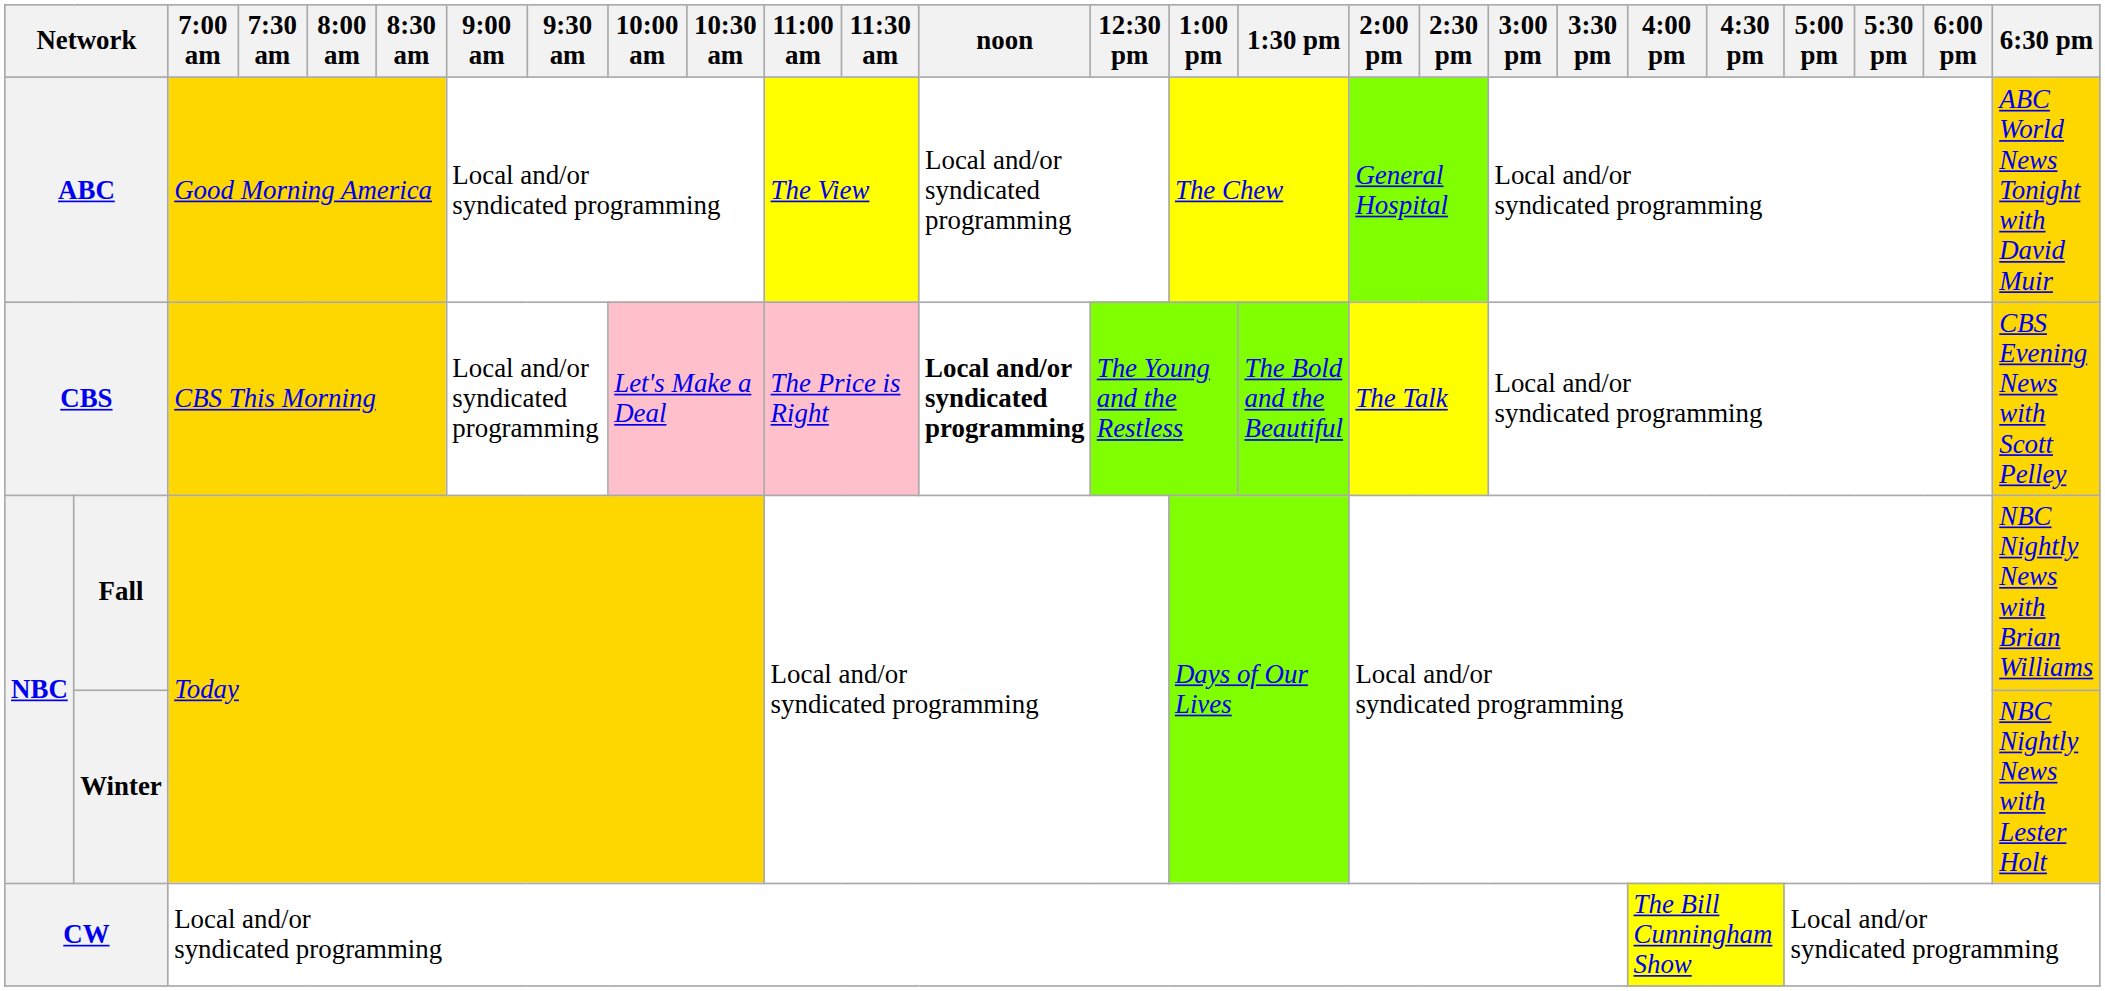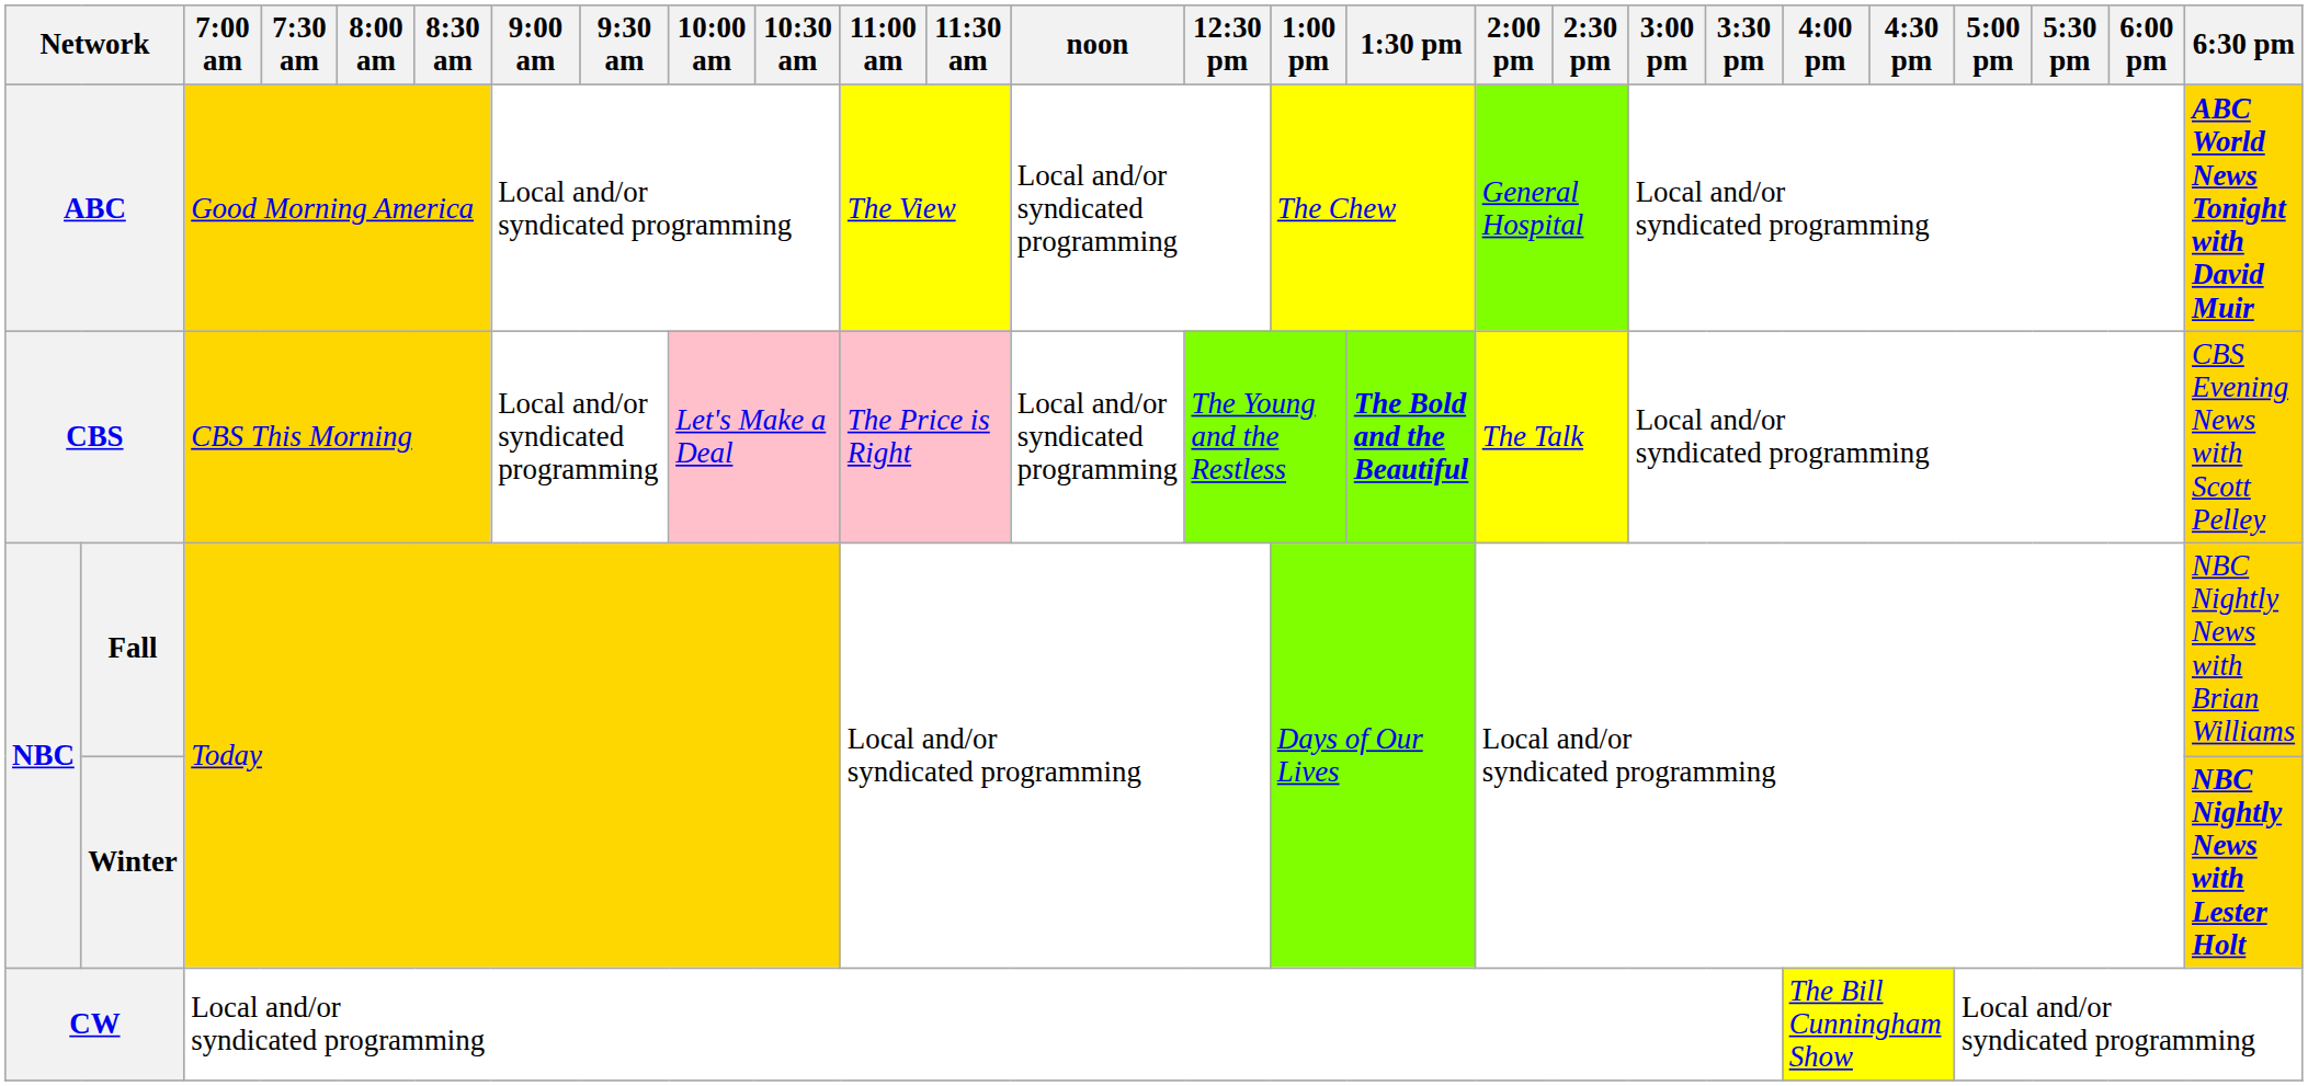 <table class=wikitable>
 <tr>
 <th width="1.5%" bgcolor="#C0C0C0" colspan="2">Network</th>
 <th width="4%" bgcolor="#C0C0C0">7:00 am</th>
 <th width="4%" bgcolor="#C0C0C0">7:30 am</th>
 <th width="4%" bgcolor="#C0C0C0">8:00 am</th>
 <th width="4%" bgcolor="#C0C0C0">8:30 am</th>
 <th width="4%" bgcolor="#C0C0C0">9:00 am</th>
 <th width="4%" bgcolor="#C0C0C0">9:30 am</th>
 <th width="4%" bgcolor="#C0C0C0">10:00 am</th>
 <th width="4%" bgcolor="#C0C0C0">10:30 am</th>
 <th width="4%" bgcolor="#C0C0C0">11:00 am</th>
 <th width="4%" bgcolor="#C0C0C0">11:30 am</th>
 <th width="4%" bgcolor="#C0C0C0">noon</th>
 <th width="4%" bgcolor="#C0C0C0">12:30 pm</th>
 <th width="4%" bgcolor="#C0C0C0">1:00 pm</th>
 <th width="4%" bgcolor="#C0C0C0">1:30 pm</th>
 <th width="4%" bgcolor="#C0C0C0">2:00 pm</th>
 <th width="4%" bgcolor="#C0C0C0">2:30 pm</th>
 <th width="4%" bgcolor="#C0C0C0">3:00 pm</th>
 <th width="4%" bgcolor="#C0C0C0">3:30 pm</th>
 <th width="4%" bgcolor="#C0C0C0">4:00 pm</th>
 <th width="4%" bgcolor="#C0C0C0">4:30 pm</th>
 <th width="4%" bgcolor="#C0C0C0">5:00 pm</th>
 <th width="4%" bgcolor="#C0C0C0">5:30 pm</th>
 <th width="4%" bgcolor="#C0C0C0">6:00 pm</th>
 <th width="4%" bgcolor="#C0C0C0">6:30 pm</th>
 </tr>
 <tr>
 <th bgcolor="#C0C0C0" colspan="2"><a href='#'>ABC</a></th>
 <td bgcolor="gold" colspan="4"><em><a href='#'>Good Morning America</a></em></td>
 <td bgcolor="white" colspan="4">Local and/or<br>syndicated programming</td>
 <td bgcolor="yellow" colspan="2"><em><a href='#'>The View</a></em></td>
 <td bgcolor="white" colspan="2">Local and/or<br>syndicated programming</td>
 <td bgcolor="yellow" colspan="2"><em><a href='#'>The Chew</a></em></td>
 <td bgcolor="chartreuse" colspan="2"><em><a href='#'>General Hospital</a></em></td>
 <td bgcolor="white" colspan="7">Local and/or<br>syndicated programming</td>
-<td bgcolor="gold"><em><a href='#'>ABC World News Tonight with David Muir</a></em></td>
+<td bgcolor="gold"><strong><em><a href='#'>ABC World News Tonight with David Muir</a></em></strong></td>
 </tr>
 <tr>
 <th bgcolor="#C0C0C0" colspan="2"><a href='#'>CBS</a></th>
 <td bgcolor="gold" colspan="4"><em><a href='#'>CBS This Morning</a></em></td>
 <td bgcolor="white" colspan="2">Local and/or<br>syndicated programming</td>
 <td bgcolor="pink" colspan="2"><em><a href='#'>Let's Make a Deal</a></em></td>
 <td bgcolor="pink" colspan="2"><em><a href='#'>The Price is Right</a></em></td>
-<td bgcolor="white"><strong>Local and/or<br>syndicated programming</strong></td>
+<td bgcolor="white">Local and/or<br>syndicated programming</td>
 <td bgcolor="chartreuse" colspan="2"><em><a href='#'>The Young and the Restless</a></em></td>
-<td bgcolor="chartreuse"><em><a href='#'>The Bold and the Beautiful</a></em></td>
+<td bgcolor="chartreuse"><strong><em><a href='#'>The Bold and the Beautiful</a></em></strong></td>
 <td bgcolor="yellow" colspan="2"><em><a href='#'>The Talk</a></em></td>
 <td bgcolor="white" colspan="7">Local and/or<br>syndicated programming</td>
 <td bgcolor="gold"><em><a href='#'>CBS Evening News with Scott Pelley</a></em></td>
 </tr>
 <tr>
 <th bgcolor="#C0C0C0" rowspan="2"><a href='#'>NBC</a></th>
 <th>Fall</th>
 <td bgcolor="gold" colspan="8" rowspan="2"><em><a href='#'>Today</a></em></td>
 <td bgcolor="white" colspan="4" rowspan="2">Local and/or<br>syndicated programming</td>
 <td bgcolor="chartreuse" colspan="2" rowspan="2"><em><a href='#'>Days of Our Lives</a></em></td>
 <td bgcolor="white" colspan="9" rowspan="2">Local and/or<br>syndicated programming</td>
 <td bgcolor="gold"><em><a href='#'>NBC Nightly News with Brian Williams</a></em></td>
 </tr>
 <tr>
 <th>Winter</th>
-<td bgcolor="gold"><em><a href='#'>NBC Nightly News with Lester Holt</a></em></td>
+<td bgcolor="gold"><strong><em><a href='#'>NBC Nightly News with Lester Holt</a></em></strong></td>
 </tr>
 <tr>
 <th bgcolor="#C0C0C0" colspan="2"><a href='#'>CW</a></th>
 <td bgcolor="white" colspan="18">Local and/or<br>syndicated programming</td>
 <td bgcolor="yellow" colspan="2"><em><a href='#'>The Bill Cunningham Show</a></em></td>
 <td bgcolor="white" colspan="5">Local and/or<br>syndicated programming</td>
 </tr>
 </table>
